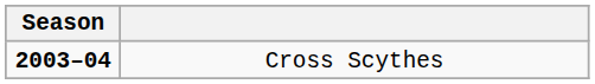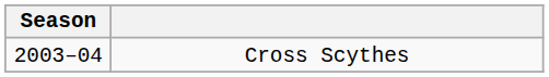 <table class="wikitable" style="text-align: center; font-size:85%">
 <tr>
 <th width=50>Season</th>
 <th width=220></th>
 </tr>
 <tr>
-<td><strong>2003–04</strong></td>
+<td>2003–04</td>
 <td>Cross Scythes</td>
 </tr>
 </table>
